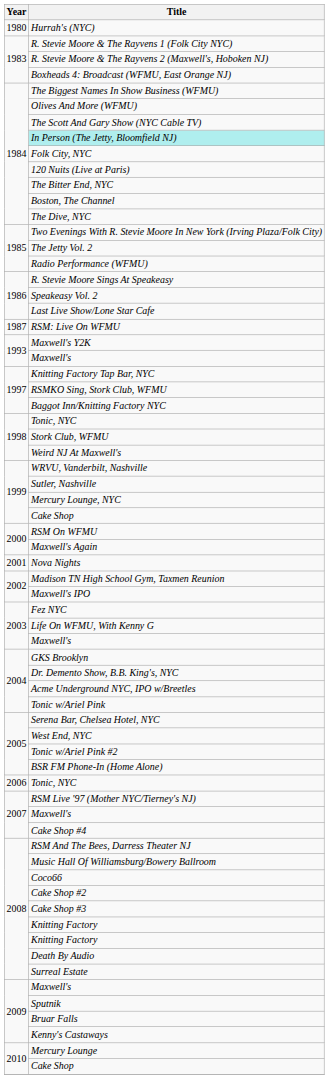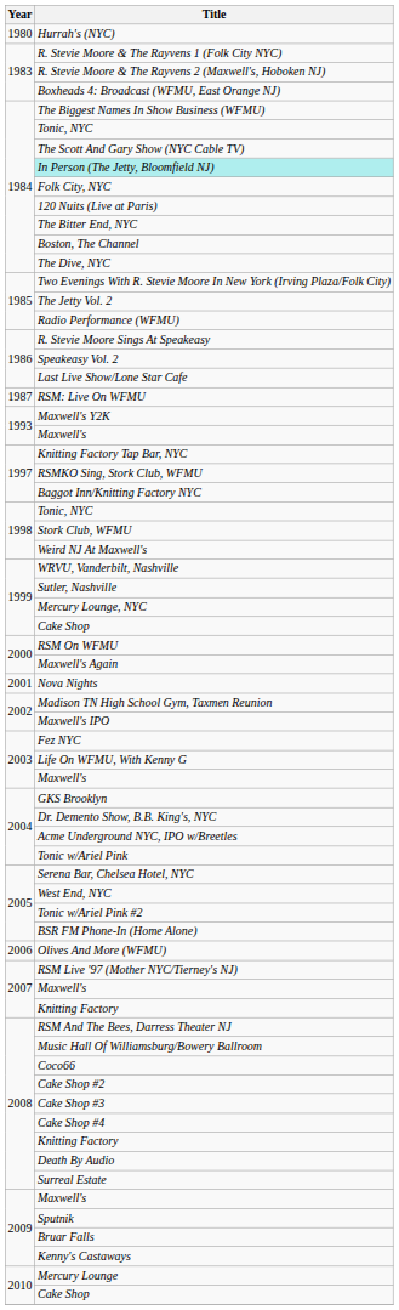 <table class="wikitable" style="text-align:center">
 <tr>
 <th>Year</th>
 <th>Title</th>
 </tr>
 <tr>
 <td align="center">1980</td>
 <td align="left"><em>Hurrah's (NYC)</em></td>
 </tr>
 <tr>
 <td rowspan="3" align="center">1983</td>
 <td align="left"><em>R. Stevie Moore & The Rayvens 1 (Folk City NYC)</em></td>
 </tr>
 <tr>
 <td align="left"><em>R. Stevie Moore & The Rayvens 2 (Maxwell's, Hoboken NJ)</em></td>
 </tr>
 <tr>
 <td align="left"><em>Boxheads 4: Broadcast (WFMU, East Orange NJ)</em></td>
 </tr>
 <tr>
 <td rowspan="9" align="center">1984</td>
 <td align="left"><em>The Biggest Names In Show Business (WFMU)</em></td>
 </tr>
 <tr>
-<td align="left"><em>Olives And More (WFMU)</em></td>
+<td align="left"><em>Tonic, NYC</em></td>
 </tr>
 <tr>
 <td align="left"><em>The Scott And Gary Show (NYC Cable TV)</em></td>
 </tr>
 <tr>
 <td align="left" style="background: paleturquoise;"><em>In Person (The Jetty, Bloomfield NJ)</em></td>
 </tr>
 <tr>
 <td align="left"><em>Folk City, NYC</em></td>
 </tr>
 <tr>
 <td align="left"><em>120 Nuits (Live at Paris)</em></td>
 </tr>
 <tr>
 <td align="left"><em>The Bitter End, NYC</em></td>
 </tr>
 <tr>
 <td align="left"><em>Boston, The Channel</em></td>
 </tr>
 <tr>
 <td align="left"><em>The Dive, NYC</em></td>
 </tr>
 <tr>
 <td rowspan="3" align="center">1985</td>
 <td align="left"><em>Two Evenings With R. Stevie Moore In New York (Irving Plaza/Folk City)</em></td>
 </tr>
 <tr>
 <td align="left"><em>The Jetty Vol. 2</em></td>
 </tr>
 <tr>
 <td align="left"><em>Radio Performance (WFMU)</em></td>
 </tr>
 <tr>
 <td rowspan="3" align="center">1986</td>
 <td align="left"><em>R. Stevie Moore Sings At Speakeasy</em></td>
 </tr>
 <tr>
 <td align="left"><em>Speakeasy Vol. 2</em></td>
 </tr>
 <tr>
 <td align="left"><em>Last Live Show/Lone Star Cafe</em></td>
 </tr>
 <tr>
 <td align="center">1987</td>
 <td align="left"><em>RSM: Live On WFMU</em></td>
 </tr>
 <tr>
 <td rowspan="2" align="center">1993</td>
 <td align="left"><em>Maxwell's Y2K</em></td>
 </tr>
 <tr>
 <td align="left"><em>Maxwell's</em></td>
 </tr>
 <tr>
 <td rowspan="3" align="center">1997</td>
 <td align="left"><em>Knitting Factory Tap Bar, NYC</em></td>
 </tr>
 <tr>
 <td align="left"><em>RSMKO Sing, Stork Club, WFMU</em></td>
 </tr>
 <tr>
 <td align="left"><em>Baggot Inn/Knitting Factory NYC</em></td>
 </tr>
 <tr>
 <td rowspan="3" align="center">1998</td>
 <td align="left"><em>Tonic, NYC</em></td>
 </tr>
 <tr>
 <td align="left"><em>Stork Club, WFMU</em></td>
 </tr>
 <tr>
 <td align="left"><em>Weird NJ At Maxwell's</em></td>
 </tr>
 <tr>
 <td rowspan="4" align="center">1999</td>
 <td align="left"><em>WRVU, Vanderbilt, Nashville</em></td>
 </tr>
 <tr>
 <td align="left"><em>Sutler, Nashville</em></td>
 </tr>
 <tr>
 <td align="left"><em>Mercury Lounge, NYC</em></td>
 </tr>
 <tr>
 <td align="left"><em>Cake Shop</em></td>
 </tr>
 <tr>
 <td rowspan="2" align="center">2000</td>
 <td align="left"><em>RSM On WFMU</em></td>
 </tr>
 <tr>
 <td align="left"><em>Maxwell's Again</em></td>
 </tr>
 <tr>
 <td align="center">2001</td>
 <td align="left"><em>Nova Nights</em></td>
 </tr>
 <tr>
 <td rowspan="2" align="center">2002</td>
 <td align="left"><em>Madison TN High School Gym, Taxmen Reunion</em></td>
 </tr>
 <tr>
 <td align="left"><em>Maxwell's IPO</em></td>
 </tr>
 <tr>
 <td rowspan="3" align="center">2003</td>
 <td align="left"><em>Fez NYC</em></td>
 </tr>
 <tr>
 <td align="left"><em>Life On WFMU, With Kenny G</em></td>
 </tr>
 <tr>
 <td align="left"><em>Maxwell's</em></td>
 </tr>
 <tr>
 <td rowspan="4" align="center">2004</td>
 <td align="left"><em>GKS Brooklyn</em></td>
 </tr>
 <tr>
 <td align="left"><em>Dr. Demento Show, B.B. King's, NYC</em></td>
 </tr>
 <tr>
 <td align="left"><em>Acme Underground NYC, IPO w/Breetles</em></td>
 </tr>
 <tr>
 <td align="left"><em>Tonic w/Ariel Pink</em></td>
 </tr>
 <tr>
 <td rowspan="4" align="center">2005</td>
 <td align="left"><em>Serena Bar, Chelsea Hotel, NYC</em></td>
 </tr>
 <tr>
 <td align="left"><em>West End, NYC</em></td>
 </tr>
 <tr>
 <td align="left"><em>Tonic w/Ariel Pink #2</em></td>
 </tr>
 <tr>
 <td align="left"><em>BSR FM Phone-In (Home Alone)</em></td>
 </tr>
 <tr>
 <td align="center">2006</td>
-<td align="left"><em>Tonic, NYC</em></td>
+<td align="left"><em>Olives And More (WFMU)</em></td>
 </tr>
 <tr>
 <td rowspan="3" align="center">2007</td>
 <td align="left"><em>RSM Live '97 (Mother NYC/Tierney's NJ)</em></td>
 </tr>
 <tr>
 <td align="left"><em>Maxwell's</em></td>
 </tr>
 <tr>
-<td align="left"><em>Cake Shop #4</em></td>
+<td align="left"><em>Knitting Factory</em></td>
 </tr>
 <tr>
 <td rowspan="9" align="center">2008</td>
 <td align="left"><em>RSM And The Bees, Darress Theater NJ</em></td>
 </tr>
 <tr>
 <td align="left"><em>Music Hall Of Williamsburg/Bowery Ballroom</em></td>
 </tr>
 <tr>
 <td align="left"><em>Coco66</em></td>
 </tr>
 <tr>
 <td align="left"><em>Cake Shop #2</em></td>
 </tr>
 <tr>
 <td align="left"><em>Cake Shop #3</em></td>
 </tr>
 <tr>
-<td align="left"><em>Knitting Factory</em></td>
+<td align="left"><em>Cake Shop #4</em></td>
 </tr>
 <tr>
 <td align="left"><em>Knitting Factory</em></td>
 </tr>
 <tr>
 <td align="left"><em>Death By Audio</em></td>
 </tr>
 <tr>
 <td align="left"><em>Surreal Estate</em></td>
 </tr>
 <tr>
 <td rowspan="4" align="center">2009</td>
 <td align="left"><em>Maxwell's</em></td>
 </tr>
 <tr>
 <td align="left"><em>Sputnik</em></td>
 </tr>
 <tr>
 <td align="left"><em>Bruar Falls</em></td>
 </tr>
 <tr>
 <td align="left"><em>Kenny's Castaways</em></td>
 </tr>
 <tr>
 <td rowspan="2" align="center">2010</td>
 <td align="left"><em>Mercury Lounge</em></td>
 </tr>
 <tr>
 <td align="left"><em>Cake Shop</em></td>
 </tr>
 <tr>
 </tr>
 </table>
